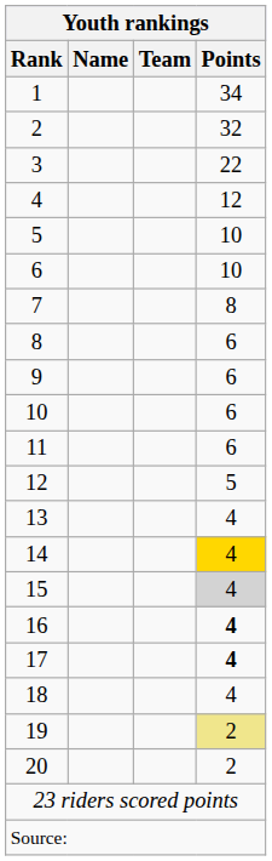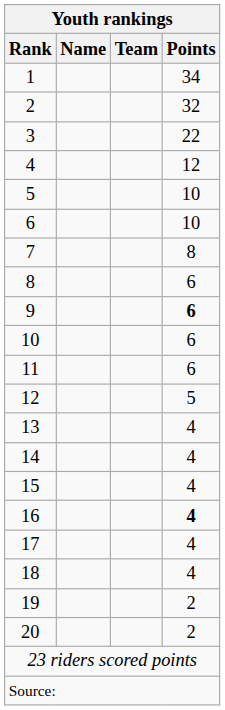 <table class="wikitable">
 <tr style="background:#ccf;">
 <th colspan=4>Youth rankings</th>
 </tr>
 <tr>
 <th>Rank</th>
 <th>Name</th>
 <th>Team</th>
 <th>Points</th>
 </tr>
 <tr>
 <td align=center>1</td>
 <td> </td>
 <td></td>
 <td align=center>34</td>
 </tr>
 <tr>
 <td align=center>2</td>
 <td></td>
 <td></td>
 <td align=center>32</td>
 </tr>
 <tr>
 <td align=center>3</td>
 <td></td>
 <td></td>
 <td align=center>22</td>
 </tr>
 <tr>
 <td align=center>4</td>
 <td></td>
 <td></td>
 <td align=center>12</td>
 </tr>
 <tr>
 <td align=center>5</td>
 <td></td>
 <td></td>
 <td align=center>10</td>
 </tr>
 <tr>
 <td align=center>6</td>
 <td></td>
 <td></td>
 <td align=center>10</td>
 </tr>
 <tr>
 <td align=center>7</td>
 <td></td>
 <td></td>
 <td align=center>8</td>
 </tr>
 <tr>
 <td align=center>8</td>
 <td></td>
 <td></td>
 <td align=center>6</td>
 </tr>
 <tr>
 <td align=center>9</td>
 <td></td>
 <td></td>
-<td align=center>6</td>
+<td align=center><strong>6</strong></td>
 </tr>
 <tr>
 <td align=center>10</td>
 <td></td>
 <td></td>
 <td align=center>6</td>
 </tr>
 <tr>
 <td align=center>11</td>
 <td></td>
 <td></td>
 <td align=center>6</td>
 </tr>
 <tr>
 <td align=center>12</td>
 <td></td>
 <td></td>
 <td align=center>5</td>
 </tr>
 <tr>
 <td align=center>13</td>
 <td></td>
 <td></td>
 <td align=center>4</td>
 </tr>
 <tr>
 <td align=center>14</td>
 <td></td>
 <td></td>
-<td align=center style="background: gold;">4</td>
+<td align=center>4</td>
 </tr>
 <tr>
 <td align=center>15</td>
 <td></td>
 <td></td>
-<td align=center style="background: lightgrey;">4</td>
+<td align=center>4</td>
 </tr>
 <tr>
 <td align=center>16</td>
 <td></td>
 <td></td>
 <td align=center><strong>4</strong></td>
 </tr>
 <tr>
 <td align=center>17</td>
 <td></td>
 <td></td>
-<td align=center><strong>4</strong></td>
+<td align=center>4</td>
 </tr>
 <tr>
 <td align=center>18</td>
 <td></td>
 <td></td>
 <td align=center>4</td>
 </tr>
 <tr>
 <td align=center>19</td>
 <td></td>
 <td></td>
-<td align=center style="background: khaki;">2</td>
+<td align=center>2</td>
 </tr>
 <tr>
 <td align=center>20</td>
 <td></td>
 <td></td>
 <td align=center>2</td>
 </tr>
 <tr>
 <td align=center colspan=4><em>23 riders scored points</em></td>
 </tr>
 <tr>
 <td colspan=4><small>Source:</small></td>
 </tr>
 </table>
